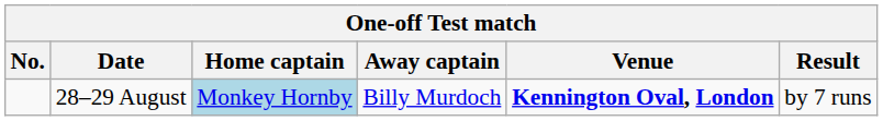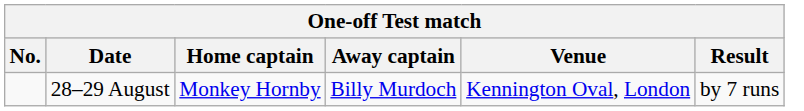 <table class="wikitable">
 <tr>
 <th colspan="9">One-off Test match</th>
 </tr>
 <tr>
 <th>No.</th>
 <th>Date</th>
 <th>Home captain</th>
 <th>Away captain</th>
 <th>Venue</th>
 <th>Result</th>
 </tr>
 <tr>
 <td></td>
 <td>28–29 August</td>
-<td style="background: lightblue;"><a href='#'>Monkey Hornby</a></td>
+<td><a href='#'>Monkey Hornby</a></td>
 <td><a href='#'>Billy Murdoch</a></td>
-<td><strong><a href='#'>Kennington Oval</a>, <a href='#'>London</a></strong></td>
+<td><a href='#'>Kennington Oval</a>, <a href='#'>London</a></td>
 <td> by 7 runs</td>
 </tr>
 </table>
